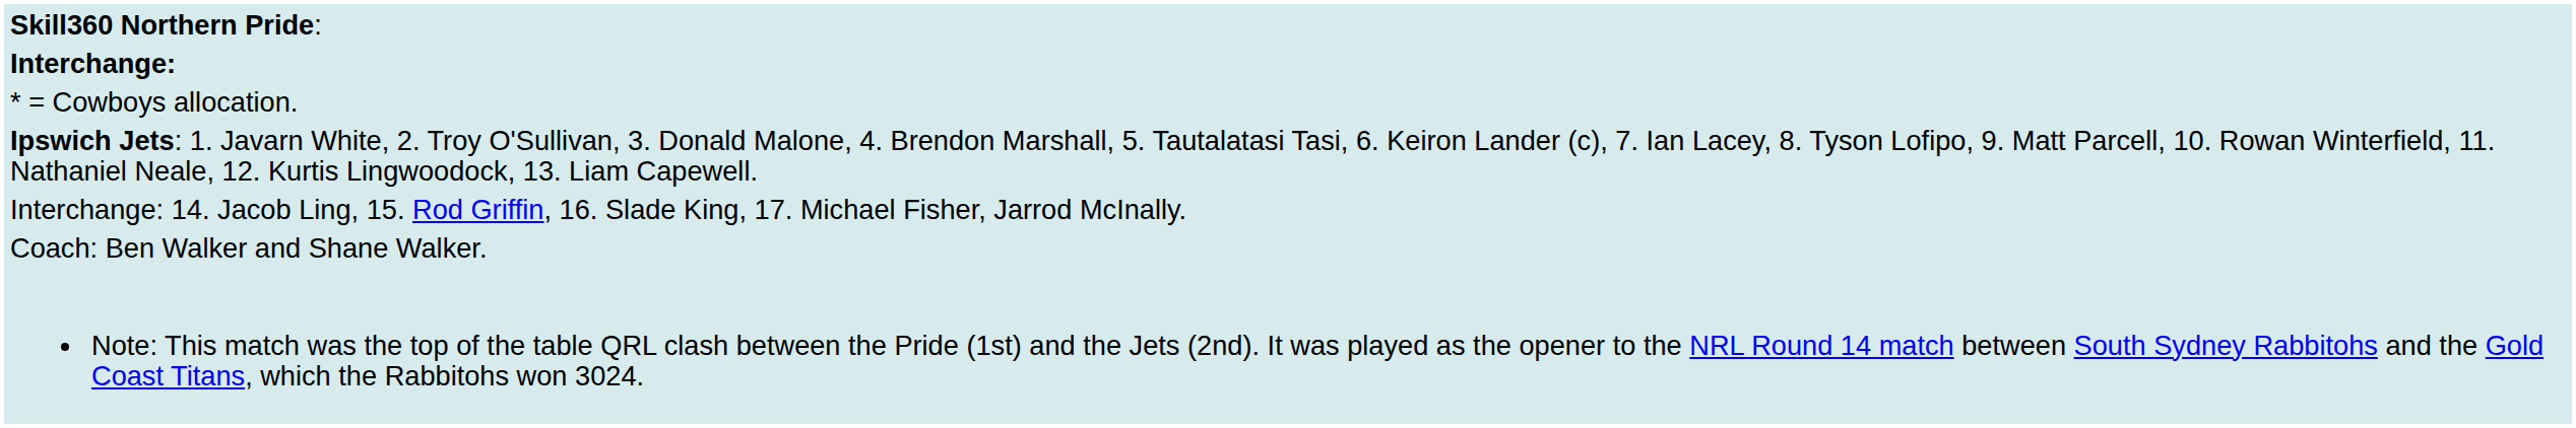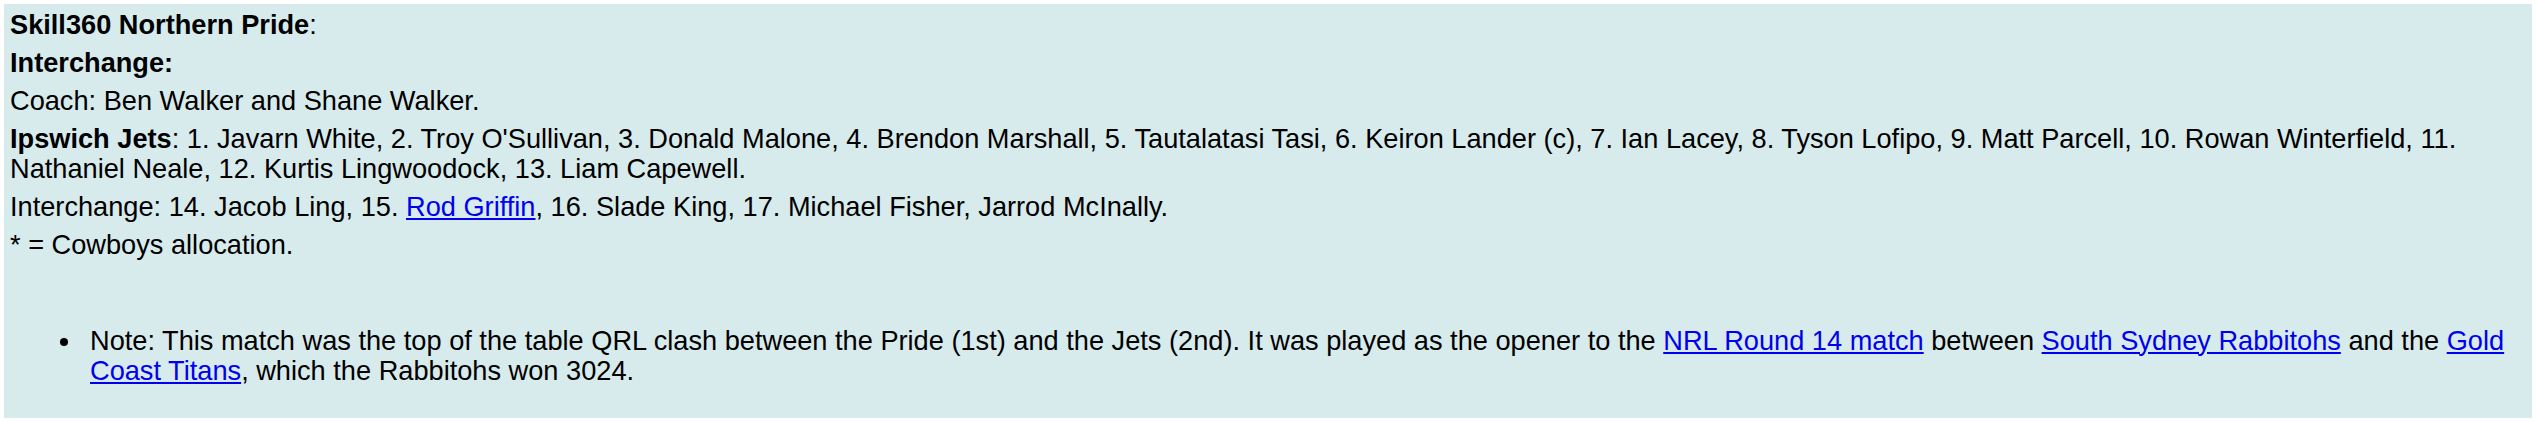 <table style="background:#d7ebed; font-size:85%; width:100%;">
 <tr>
 <td><strong>Skill360 Northern Pride</strong>:             </td>
 </tr>
 <tr>
 <td><strong>Interchange:    </strong></td>
 </tr>
 <tr>
-<td>* = Cowboys allocation.</td>
+<td>Coach: Ben Walker and Shane Walker.</td>
 </tr>
 <tr>
 <td><strong>Ipswich Jets</strong>: 1. Javarn White, 2. Troy O'Sullivan, 3. Donald Malone, 4. Brendon Marshall, 5. Tautalatasi Tasi, 6. Keiron Lander (c), 7. Ian Lacey, 8. Tyson Lofipo, 9. Matt Parcell, 10. Rowan Winterfield, 11. Nathaniel Neale, 12. Kurtis Lingwoodock, 13. Liam Capewell.</td>
 </tr>
 <tr>
 <td>Interchange: 14. Jacob Ling, 15. <a href='#'>Rod Griffin</a>, 16. Slade King, 17. Michael Fisher, Jarrod McInally.</td>
 </tr>
 <tr>
-<td>Coach: Ben Walker and Shane Walker.</td>
+<td>* = Cowboys allocation.</td>
 </tr>
 <tr>
 <td><br><ul><li>Note: This match was the top of the table QRL clash between the Pride (1st) and the Jets (2nd). It was played as the opener to the <a href='#'>NRL Round 14 match</a> between <a href='#'>South Sydney Rabbitohs</a> and the <a href='#'>Gold Coast Titans</a>, which the Rabbitohs won 3024.</li></ul></td>
 </tr>
 </table>
